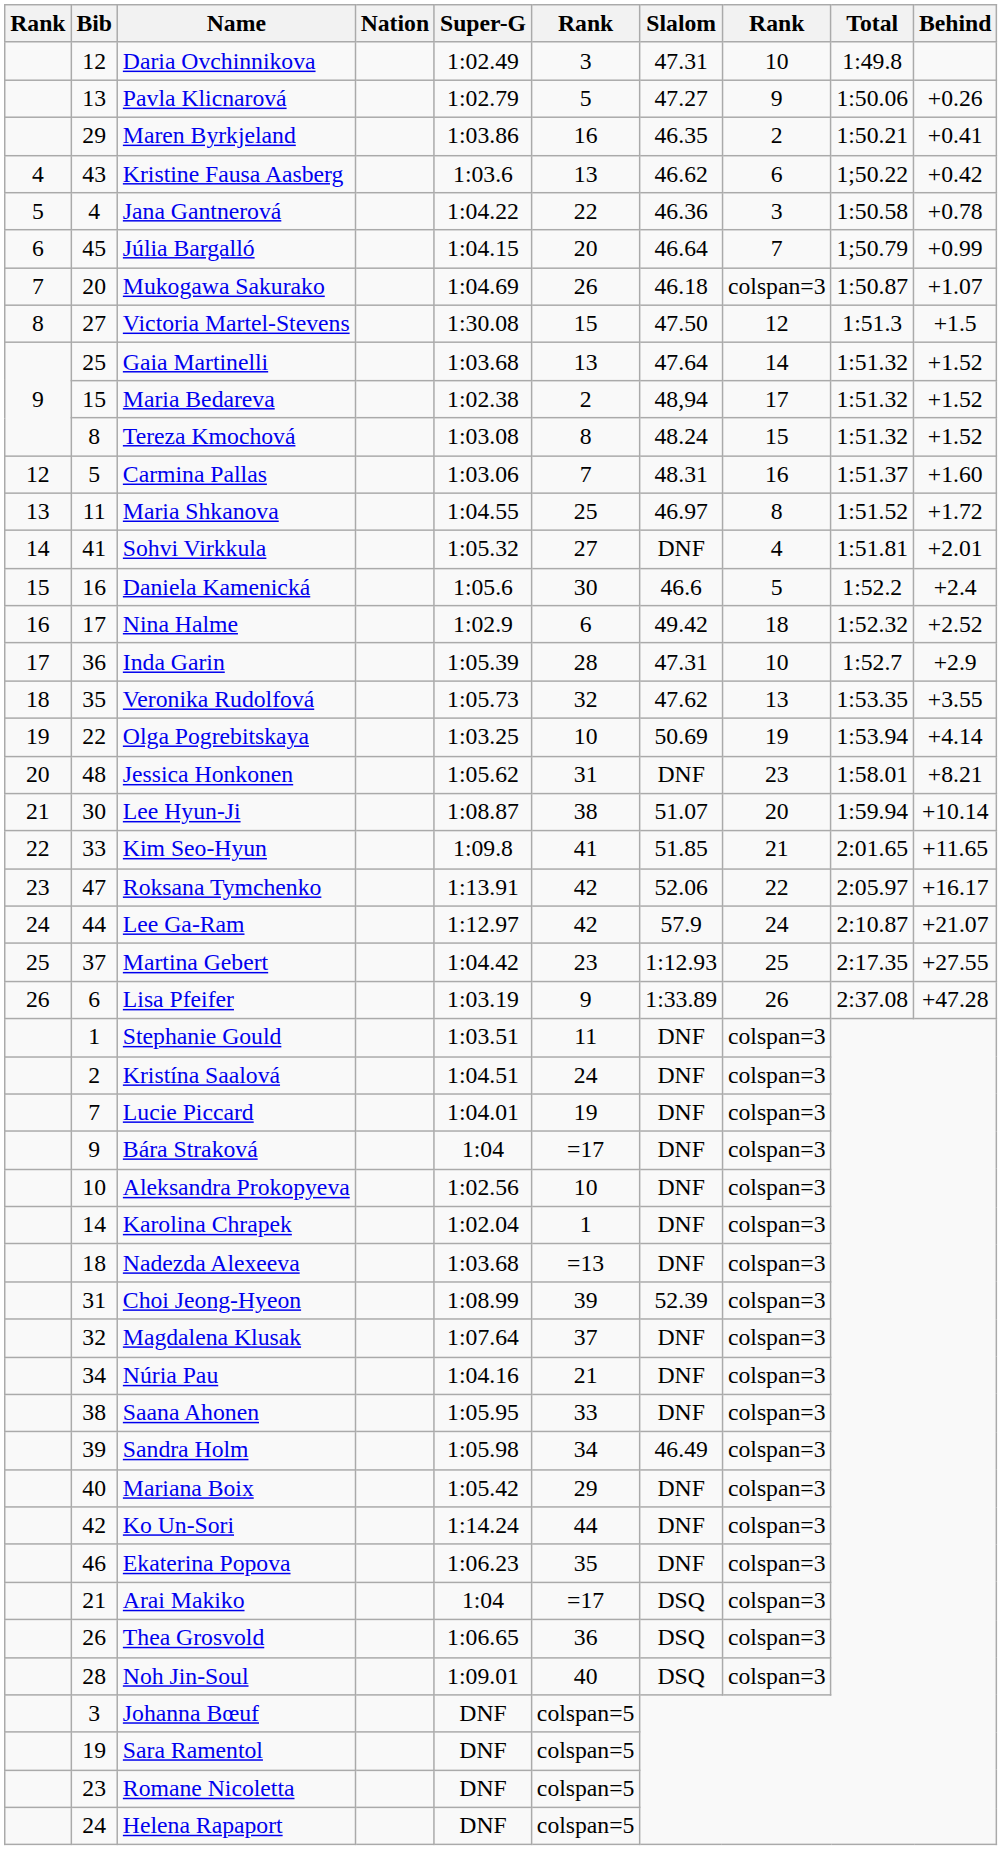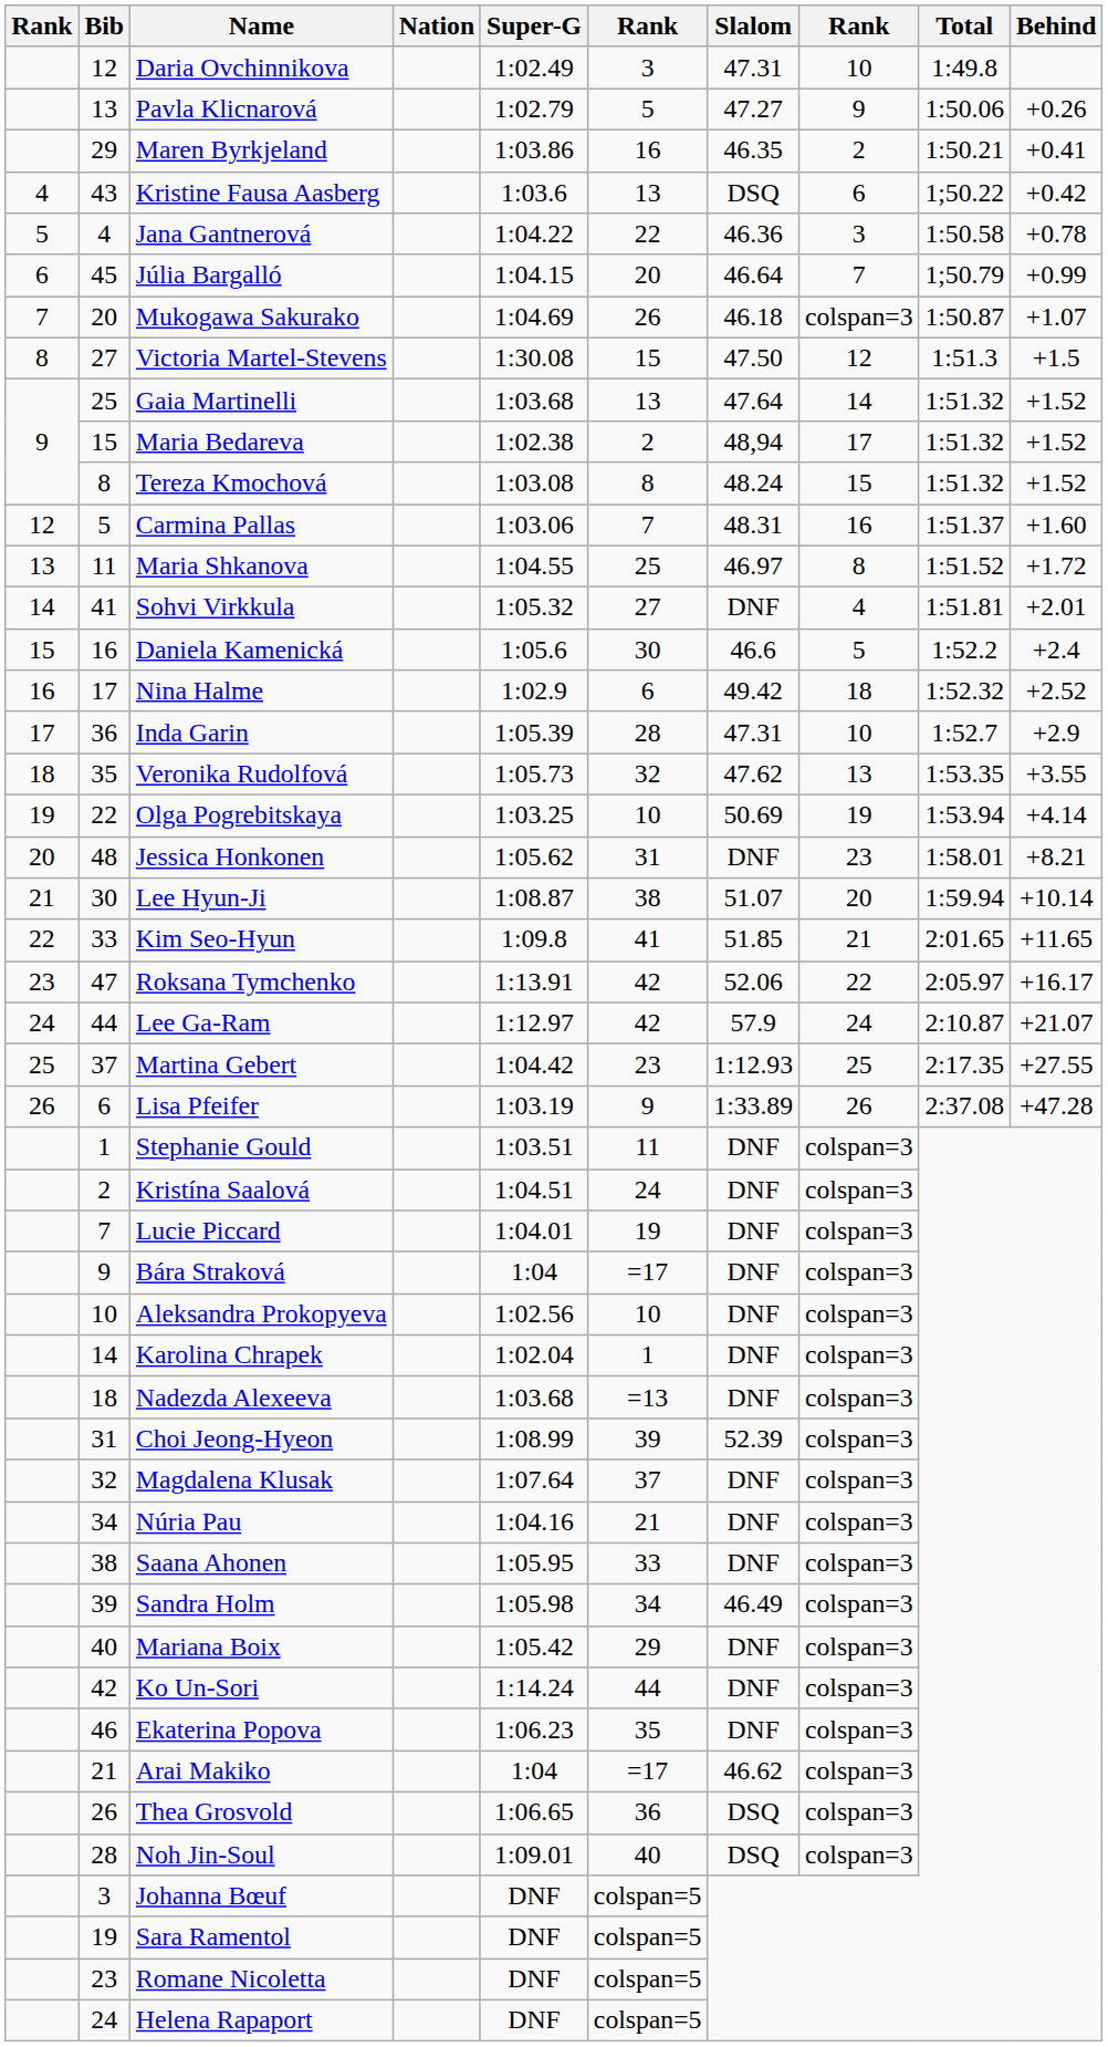 <table class="wikitable sortable" style="text-align:center">
 <tr>
 <th>Rank</th>
 <th>Bib</th>
 <th>Name</th>
 <th>Nation</th>
 <th>Super-G</th>
 <th>Rank</th>
 <th>Slalom</th>
 <th>Rank</th>
 <th>Total</th>
 <th>Behind</th>
 </tr>
 <tr>
 <td></td>
 <td>12</td>
 <td align=left><a href='#'>Daria Ovchinnikova</a></td>
 <td align=left></td>
 <td>1:02.49</td>
 <td>3</td>
 <td>47.31</td>
 <td>10</td>
 <td>1:49.8</td>
 <td></td>
 </tr>
 <tr>
 <td></td>
 <td>13</td>
 <td align=left><a href='#'>Pavla Klicnarová</a></td>
 <td align=left></td>
 <td>1:02.79</td>
 <td>5</td>
 <td>47.27</td>
 <td>9</td>
 <td>1:50.06</td>
 <td>+0.26</td>
 </tr>
 <tr>
 <td></td>
 <td>29</td>
 <td align=left><a href='#'>Maren Byrkjeland</a></td>
 <td align=left></td>
 <td>1:03.86</td>
 <td>16</td>
 <td>46.35</td>
 <td>2</td>
 <td>1:50.21</td>
 <td>+0.41</td>
 </tr>
 <tr>
 <td>4</td>
 <td>43</td>
 <td align=left><a href='#'>Kristine Fausa Aasberg</a></td>
 <td align=left></td>
 <td>1:03.6</td>
 <td>13</td>
-<td>46.62</td>
+<td>DSQ</td>
 <td>6</td>
 <td>1;50.22</td>
 <td>+0.42</td>
 </tr>
 <tr>
 <td>5</td>
 <td>4</td>
 <td align=left><a href='#'>Jana Gantnerová</a></td>
 <td align=left></td>
 <td>1:04.22</td>
 <td>22</td>
 <td>46.36</td>
 <td>3</td>
 <td>1:50.58</td>
 <td>+0.78</td>
 </tr>
 <tr>
 <td>6</td>
 <td>45</td>
 <td align=left><a href='#'>Júlia Bargalló</a></td>
 <td align=left></td>
 <td>1:04.15</td>
 <td>20</td>
 <td>46.64</td>
 <td>7</td>
 <td>1;50.79</td>
 <td>+0.99</td>
 </tr>
 <tr>
 <td>7</td>
 <td>20</td>
 <td align=left><a href='#'>Mukogawa Sakurako</a></td>
 <td align=left></td>
 <td>1:04.69</td>
 <td>26</td>
 <td>46.18</td>
 <td>colspan=3 </td>
 <td>1:50.87</td>
 <td>+1.07</td>
 </tr>
 <tr>
 <td>8</td>
 <td>27</td>
 <td align=left><a href='#'>Victoria Martel-Stevens</a></td>
 <td align=left></td>
 <td>1:30.08</td>
 <td>15</td>
 <td>47.50</td>
 <td>12</td>
 <td>1:51.3</td>
 <td>+1.5</td>
 </tr>
 <tr>
 <td rowspan=3>9</td>
 <td>25</td>
 <td align=left><a href='#'>Gaia Martinelli</a></td>
 <td align=left></td>
 <td>1:03.68</td>
 <td>13</td>
 <td>47.64</td>
 <td>14</td>
 <td>1:51.32</td>
 <td>+1.52</td>
 </tr>
 <tr>
 <td>15</td>
 <td align=left><a href='#'>Maria Bedareva</a></td>
 <td align=left></td>
 <td>1:02.38</td>
 <td>2</td>
 <td>48,94</td>
 <td>17</td>
 <td>1:51.32</td>
 <td>+1.52</td>
 </tr>
 <tr>
 <td>8</td>
 <td align=left><a href='#'>Tereza Kmochová</a></td>
 <td align=left></td>
 <td>1:03.08</td>
 <td>8</td>
 <td>48.24</td>
 <td>15</td>
 <td>1:51.32</td>
 <td>+1.52</td>
 </tr>
 <tr>
 <td>12</td>
 <td>5</td>
 <td align=left><a href='#'>Carmina Pallas</a></td>
 <td align=left></td>
 <td>1:03.06</td>
 <td>7</td>
 <td>48.31</td>
 <td>16</td>
 <td>1:51.37</td>
 <td>+1.60</td>
 </tr>
 <tr>
 <td>13</td>
 <td>11</td>
 <td align=left><a href='#'>Maria Shkanova</a></td>
 <td align=left></td>
 <td>1:04.55</td>
 <td>25</td>
 <td>46.97</td>
 <td>8</td>
 <td>1:51.52</td>
 <td>+1.72</td>
 </tr>
 <tr>
 <td>14</td>
 <td>41</td>
 <td align=left><a href='#'>Sohvi Virkkula</a></td>
 <td align=left></td>
 <td>1:05.32</td>
 <td>27</td>
 <td>DNF</td>
 <td>4</td>
 <td>1:51.81</td>
 <td>+2.01</td>
 </tr>
 <tr>
 <td>15</td>
 <td>16</td>
 <td align=left><a href='#'>Daniela Kamenická</a></td>
 <td align=left></td>
 <td>1:05.6</td>
 <td>30</td>
 <td>46.6</td>
 <td>5</td>
 <td>1:52.2</td>
 <td>+2.4</td>
 </tr>
 <tr>
 <td>16</td>
 <td>17</td>
 <td align=left><a href='#'>Nina Halme</a></td>
 <td align=left></td>
 <td>1:02.9</td>
 <td>6</td>
 <td>49.42</td>
 <td>18</td>
 <td>1:52.32</td>
 <td>+2.52</td>
 </tr>
 <tr>
 <td>17</td>
 <td>36</td>
 <td align=left><a href='#'>Inda Garin</a></td>
 <td align=left></td>
 <td>1:05.39</td>
 <td>28</td>
 <td>47.31</td>
 <td>10</td>
 <td>1:52.7</td>
 <td>+2.9</td>
 </tr>
 <tr>
 <td>18</td>
 <td>35</td>
 <td align=left><a href='#'>Veronika Rudolfová</a></td>
 <td align=left></td>
 <td>1:05.73</td>
 <td>32</td>
 <td>47.62</td>
 <td>13</td>
 <td>1:53.35</td>
 <td>+3.55</td>
 </tr>
 <tr>
 <td>19</td>
 <td>22</td>
 <td align=left><a href='#'>Olga Pogrebitskaya</a></td>
 <td align=left></td>
 <td>1:03.25</td>
 <td>10</td>
 <td>50.69</td>
 <td>19</td>
 <td>1:53.94</td>
 <td>+4.14</td>
 </tr>
 <tr>
 <td>20</td>
 <td>48</td>
 <td align=left><a href='#'>Jessica Honkonen</a></td>
 <td align=left></td>
 <td>1:05.62</td>
 <td>31</td>
 <td>DNF</td>
 <td>23</td>
 <td>1:58.01</td>
 <td>+8.21</td>
 </tr>
 <tr>
 <td>21</td>
 <td>30</td>
 <td align=left><a href='#'>Lee Hyun-Ji</a></td>
 <td align=left></td>
 <td>1:08.87</td>
 <td>38</td>
 <td>51.07</td>
 <td>20</td>
 <td>1:59.94</td>
 <td>+10.14</td>
 </tr>
 <tr>
 <td>22</td>
 <td>33</td>
 <td align=left><a href='#'>Kim Seo-Hyun</a></td>
 <td align=left></td>
 <td>1:09.8</td>
 <td>41</td>
 <td>51.85</td>
 <td>21</td>
 <td>2:01.65</td>
 <td>+11.65</td>
 </tr>
 <tr>
 <td>23</td>
 <td>47</td>
 <td align=left><a href='#'>Roksana Tymchenko</a></td>
 <td align=left></td>
 <td>1:13.91</td>
 <td>42</td>
 <td>52.06</td>
 <td>22</td>
 <td>2:05.97</td>
 <td>+16.17</td>
 </tr>
 <tr>
 <td>24</td>
 <td>44</td>
 <td align=left><a href='#'>Lee Ga-Ram</a></td>
 <td align=left></td>
 <td>1:12.97</td>
 <td>42</td>
 <td>57.9</td>
 <td>24</td>
 <td>2:10.87</td>
 <td>+21.07</td>
 </tr>
 <tr>
 <td>25</td>
 <td>37</td>
 <td align=left><a href='#'>Martina Gebert</a></td>
 <td align=left></td>
 <td>1:04.42</td>
 <td>23</td>
 <td>1:12.93</td>
 <td>25</td>
 <td>2:17.35</td>
 <td>+27.55</td>
 </tr>
 <tr>
 <td>26</td>
 <td>6</td>
 <td align=left><a href='#'>Lisa Pfeifer</a></td>
 <td align=left></td>
 <td>1:03.19</td>
 <td>9</td>
 <td>1:33.89</td>
 <td>26</td>
 <td>2:37.08</td>
 <td>+47.28</td>
 </tr>
 <tr>
 <td></td>
 <td>1</td>
 <td align=left><a href='#'>Stephanie Gould</a></td>
 <td align=left></td>
 <td>1:03.51</td>
 <td>11</td>
 <td>DNF</td>
 <td>colspan=3 </td>
 </tr>
 <tr>
 <td></td>
 <td>2</td>
 <td align=left><a href='#'>Kristína Saalová</a></td>
 <td align=left></td>
 <td>1:04.51</td>
 <td>24</td>
 <td>DNF</td>
 <td>colspan=3 </td>
 </tr>
 <tr>
 <td></td>
 <td>7</td>
 <td align=left><a href='#'>Lucie Piccard</a></td>
 <td align=left></td>
 <td>1:04.01</td>
 <td>19</td>
 <td>DNF</td>
 <td>colspan=3 </td>
 </tr>
 <tr>
 <td></td>
 <td>9</td>
 <td align=left><a href='#'>Bára Straková</a></td>
 <td align=left></td>
 <td>1:04</td>
 <td>=17</td>
 <td>DNF</td>
 <td>colspan=3 </td>
 </tr>
 <tr>
 <td></td>
 <td>10</td>
 <td align=left><a href='#'>Aleksandra Prokopyeva</a></td>
 <td align=left></td>
 <td>1:02.56</td>
 <td>10</td>
 <td>DNF</td>
 <td>colspan=3 </td>
 </tr>
 <tr>
 <td></td>
 <td>14</td>
 <td align=left><a href='#'>Karolina Chrapek</a></td>
 <td align=left></td>
 <td>1:02.04</td>
 <td>1</td>
 <td>DNF</td>
 <td>colspan=3 </td>
 </tr>
 <tr>
 <td></td>
 <td>18</td>
 <td align=left><a href='#'>Nadezda Alexeeva</a></td>
 <td align=left></td>
 <td>1:03.68</td>
 <td>=13</td>
 <td>DNF</td>
 <td>colspan=3 </td>
 </tr>
 <tr>
 <td></td>
 <td>31</td>
 <td align=left><a href='#'>Choi Jeong-Hyeon</a></td>
 <td align=left></td>
 <td>1:08.99</td>
 <td>39</td>
 <td>52.39</td>
 <td>colspan=3 </td>
 </tr>
 <tr>
 <td></td>
 <td>32</td>
 <td align=left><a href='#'>Magdalena Klusak</a></td>
 <td align=left></td>
 <td>1:07.64</td>
 <td>37</td>
 <td>DNF</td>
 <td>colspan=3 </td>
 </tr>
 <tr>
 <td></td>
 <td>34</td>
 <td align=left><a href='#'>Núria Pau</a></td>
 <td align=left></td>
 <td>1:04.16</td>
 <td>21</td>
 <td>DNF</td>
 <td>colspan=3 </td>
 </tr>
 <tr>
 <td></td>
 <td>38</td>
 <td align=left><a href='#'>Saana Ahonen</a></td>
 <td align=left></td>
 <td>1:05.95</td>
 <td>33</td>
 <td>DNF</td>
 <td>colspan=3 </td>
 </tr>
 <tr>
 <td></td>
 <td>39</td>
 <td align=left><a href='#'>Sandra Holm</a></td>
 <td align=left></td>
 <td>1:05.98</td>
 <td>34</td>
 <td>46.49</td>
 <td>colspan=3 </td>
 </tr>
 <tr>
 <td></td>
 <td>40</td>
 <td align=left><a href='#'>Mariana Boix</a></td>
 <td align=left></td>
 <td>1:05.42</td>
 <td>29</td>
 <td>DNF</td>
 <td>colspan=3 </td>
 </tr>
 <tr>
 <td></td>
 <td>42</td>
 <td align=left><a href='#'>Ko Un-Sori</a></td>
 <td align=left></td>
 <td>1:14.24</td>
 <td>44</td>
 <td>DNF</td>
 <td>colspan=3 </td>
 </tr>
 <tr>
 <td></td>
 <td>46</td>
 <td align=left><a href='#'>Ekaterina Popova</a></td>
 <td align=left></td>
 <td>1:06.23</td>
 <td>35</td>
 <td>DNF</td>
 <td>colspan=3 </td>
 </tr>
 <tr>
 <td></td>
 <td>21</td>
 <td align=left><a href='#'>Arai Makiko</a></td>
 <td align=left></td>
 <td>1:04</td>
 <td>=17</td>
-<td>DSQ</td>
+<td>46.62</td>
 <td>colspan=3 </td>
 </tr>
 <tr>
 <td></td>
 <td>26</td>
 <td align=left><a href='#'>Thea Grosvold</a></td>
 <td align=left></td>
 <td>1:06.65</td>
 <td>36</td>
 <td>DSQ</td>
 <td>colspan=3 </td>
 </tr>
 <tr>
 <td></td>
 <td>28</td>
 <td align=left><a href='#'>Noh Jin-Soul</a></td>
 <td align=left></td>
 <td>1:09.01</td>
 <td>40</td>
 <td>DSQ</td>
 <td>colspan=3 </td>
 </tr>
 <tr>
 <td></td>
 <td>3</td>
 <td align=left><a href='#'>Johanna Bœuf</a></td>
 <td align=left></td>
 <td>DNF</td>
 <td>colspan=5 </td>
 </tr>
 <tr>
 <td></td>
 <td>19</td>
 <td align=left><a href='#'>Sara Ramentol</a></td>
 <td align=left></td>
 <td>DNF</td>
 <td>colspan=5 </td>
 </tr>
 <tr>
 <td></td>
 <td>23</td>
 <td align=left><a href='#'>Romane Nicoletta</a></td>
 <td align=left></td>
 <td>DNF</td>
 <td>colspan=5 </td>
 </tr>
 <tr>
 <td></td>
 <td>24</td>
 <td align=left><a href='#'>Helena Rapaport</a></td>
 <td align=left></td>
 <td>DNF</td>
 <td>colspan=5 </td>
 </tr>
 </table>
